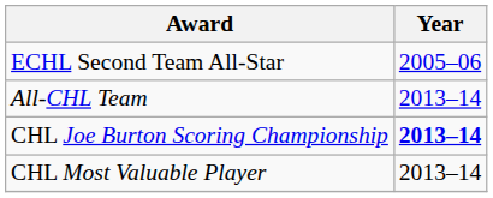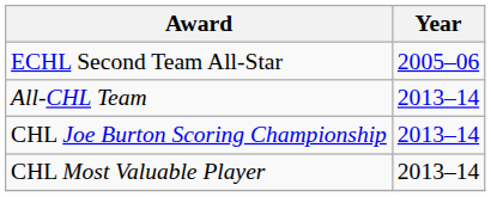 <table class="wikitable">
 <tr>
 <th>Award</th>
 <th>Year</th>
 </tr>
 <tr>
 <td><a href='#'>ECHL</a> Second Team All-Star</td>
 <td><a href='#'>2005–06</a></td>
 </tr>
 <tr>
 <td><em>All-<a href='#'>CHL</a> Team</em></td>
 <td><a href='#'>2013–14</a></td>
 </tr>
 <tr>
 <td>CHL <em><a href='#'>Joe Burton Scoring Championship</a></em></td>
-<td><strong><a href='#'>2013–14</a></strong></td>
+<td><a href='#'>2013–14</a></td>
 </tr>
 <tr>
 <td>CHL <em>Most Valuable Player</em></td>
 <td>2013–14</td>
 </tr>
 <tr>
 </tr>
 </table>
